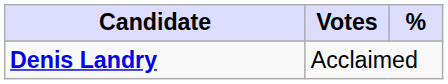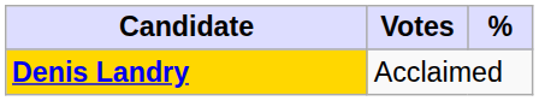 <table class="wikitable">
 <tr>
 <th style="background:#ddf; width:200px;">Candidate</th>
 <th style="background:#ddf; width:50px;">Votes</th>
 <th style="background:#ddf; width:30px;">%</th>
 </tr>
 <tr>
-<td><strong><a href='#'>Denis Landry</a></strong></td>
+<td style="background: gold;"><strong><a href='#'>Denis Landry</a></strong></td>
 <td colspan="2">Acclaimed</td>
 </tr>
 </table>
